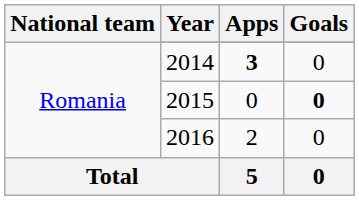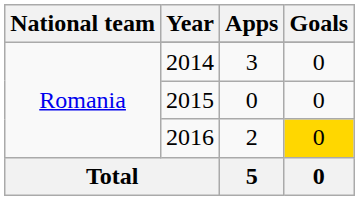 <table class="wikitable" style="text-align: center;">
 <tr>
 <th>National team</th>
 <th>Year</th>
 <th>Apps</th>
 <th>Goals</th>
 </tr>
 <tr>
 <td rowspan="4"><a href='#'>Romania</a></td>
 </tr>
 <tr>
 <td>2014</td>
-<td><strong>3</strong></td>
+<td>3</td>
 <td>0</td>
 </tr>
 <tr>
 <td>2015</td>
 <td>0</td>
-<td><strong>0</strong></td>
+<td>0</td>
 </tr>
 <tr>
 <td>2016</td>
 <td>2</td>
-<td>0</td>
+<td style="background: gold;">0</td>
 </tr>
 <tr>
 <th colspan=2>Total</th>
 <th>5</th>
 <th>0</th>
 </tr>
 </table>
